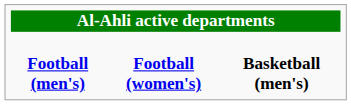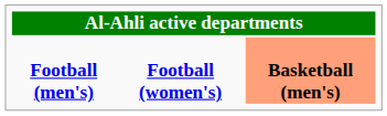 <table class="infobox" style="width: 20em; font-size: 95%em;">
 <tr style="color:white; background:green; text-align:center;">
 <th colspan="3" style="text-align: center">Al-Ahli active departments</th>
 </tr>
 <tr style="text-align: center">
 <td><br><strong><a href='#'>Football<br>(men's)</a></strong></td>
 <td><br><strong><a href='#'>Football<br>(women's)</a></strong></td>
-<td><br><strong>Basketball<br>(men's)</strong></td>
+<td style="background: lightsalmon;"><br><strong>Basketball<br>(men's)</strong></td>
 </tr>
 </table>
